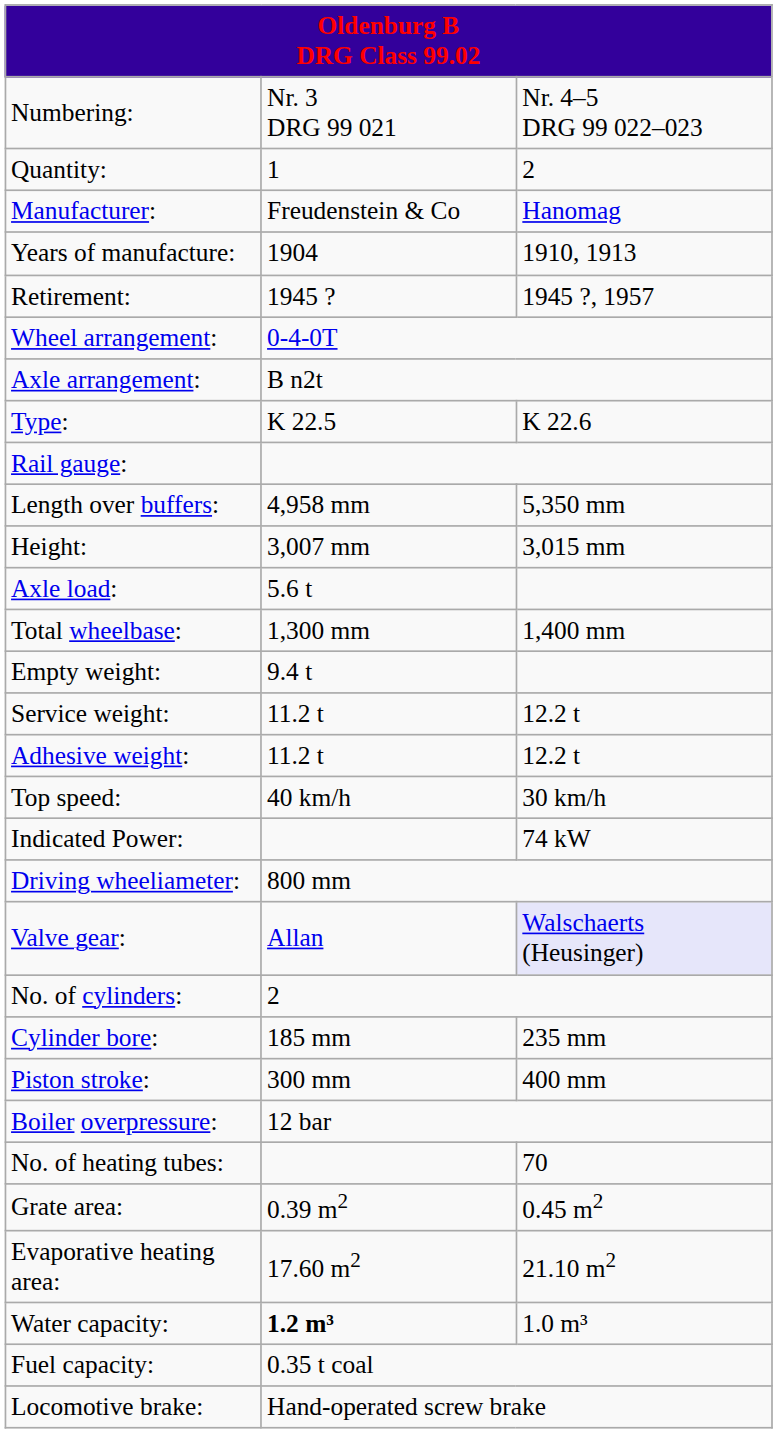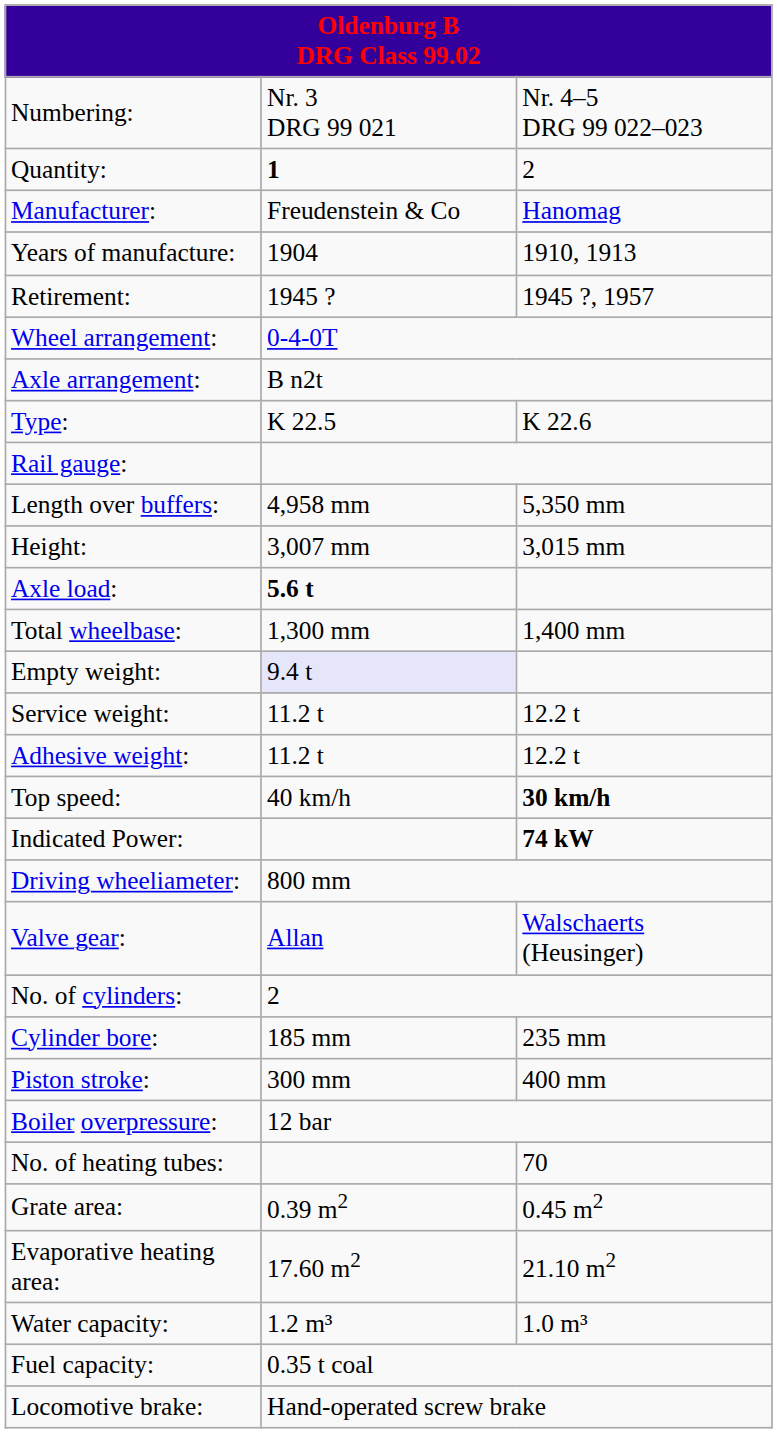 <table class="wikitable float-right" style="clear:right; font-size:95%; width:460px;" align="right">
 <tr>
 <th colspan="3" style="color:#FE0000; background:#33009B">Oldenburg B<br>DRG Class 99.02</th>
 </tr>
 <tr>
 <td>Numbering:</td>
 <td>Nr. 3<br>DRG 99 021</td>
 <td>Nr. 4–5<br>DRG 99 022–023</td>
 </tr>
 <tr>
 <td>Quantity:</td>
-<td width="33.3%">1</td>
+<td width="33.3%"><strong>1</strong></td>
 <td width="33.3%">2</td>
 </tr>
 <tr>
 <td><a href='#'>Manufacturer</a>:</td>
 <td>Freudenstein & Co</td>
 <td><a href='#'>Hanomag</a></td>
 </tr>
 <tr>
 <td>Years of manufacture:</td>
 <td>1904</td>
 <td>1910, 1913</td>
 </tr>
 <tr>
 <td>Retirement:</td>
 <td>1945 ?</td>
 <td>1945 ?, 1957</td>
 </tr>
 <tr>
 <td><a href='#'>Wheel arrangement</a>:</td>
 <td colspan="2"><a href='#'>0-4-0T</a></td>
 </tr>
 <tr>
 <td><a href='#'>Axle arrangement</a>:</td>
 <td colspan="2">B n2t</td>
 </tr>
 <tr>
 <td><a href='#'>Type</a>:</td>
 <td>K 22.5</td>
 <td>K 22.6</td>
 </tr>
 <tr>
 <td><a href='#'>Rail gauge</a>:</td>
 <td colspan="2"></td>
 </tr>
 <tr>
 <td>Length over <a href='#'>buffers</a>:</td>
 <td>4,958 mm</td>
 <td>5,350 mm</td>
 </tr>
 <tr>
 <td>Height:</td>
 <td>3,007 mm</td>
 <td>3,015 mm</td>
 </tr>
 <tr>
 <td><a href='#'>Axle load</a>:</td>
-<td>5.6 t</td>
+<td><strong>5.6 t</strong></td>
 <td></td>
 </tr>
 <tr>
 <td>Total <a href='#'>wheelbase</a>:</td>
 <td>1,300 mm</td>
 <td>1,400 mm</td>
 </tr>
 <tr>
 <td>Empty weight:</td>
-<td>9.4 t</td>
+<td style="background: lavender;">9.4 t</td>
 <td></td>
 </tr>
 <tr>
 <td>Service weight:</td>
 <td>11.2 t</td>
 <td>12.2 t</td>
 </tr>
 <tr>
 <td><a href='#'>Adhesive weight</a>:</td>
 <td>11.2 t</td>
 <td>12.2 t</td>
 </tr>
 <tr>
 <td>Top speed:</td>
 <td>40 km/h</td>
-<td>30 km/h</td>
+<td><strong>30 km/h</strong></td>
 </tr>
 <tr>
 <td>Indicated Power:</td>
 <td></td>
-<td>74 kW</td>
+<td><strong>74 kW</strong></td>
 </tr>
 <tr>
 <td><a href='#'>Driving wheeliameter</a>:</td>
 <td colspan="2">800 mm</td>
 </tr>
 <tr>
 <td><a href='#'>Valve gear</a>:</td>
 <td><a href='#'>Allan</a></td>
-<td style="background: lavender;"><a href='#'>Walschaerts</a> (Heusinger)</td>
+<td><a href='#'>Walschaerts</a> (Heusinger)</td>
 </tr>
 <tr>
 <td>No. of <a href='#'>cylinders</a>:</td>
 <td colspan="2">2</td>
 </tr>
 <tr>
 <td><a href='#'>Cylinder bore</a>:</td>
 <td>185 mm</td>
 <td>235 mm</td>
 </tr>
 <tr>
 <td><a href='#'>Piston stroke</a>:</td>
 <td>300 mm</td>
 <td>400 mm</td>
 </tr>
 <tr>
 <td><a href='#'>Boiler</a> <a href='#'>overpressure</a>:</td>
 <td colspan="2">12 bar</td>
 </tr>
 <tr>
 <td>No. of heating tubes:</td>
 <td></td>
 <td>70</td>
 </tr>
 <tr>
 <td>Grate area:</td>
 <td>0.39 m<sup>2</sup></td>
 <td>0.45 m<sup>2</sup></td>
 </tr>
 <tr>
 <td>Evaporative heating area:</td>
 <td>17.60 m<sup>2</sup></td>
 <td>21.10 m<sup>2</sup></td>
 </tr>
 <tr>
 <td>Water capacity:</td>
-<td><strong>1.2 m³</strong></td>
+<td>1.2 m³</td>
 <td>1.0 m³</td>
 </tr>
 <tr>
 <td>Fuel capacity:</td>
 <td colspan="2">0.35 t coal</td>
 </tr>
 <tr>
 <td>Locomotive brake:</td>
 <td colspan="2">Hand-operated screw brake</td>
 </tr>
 </table>
